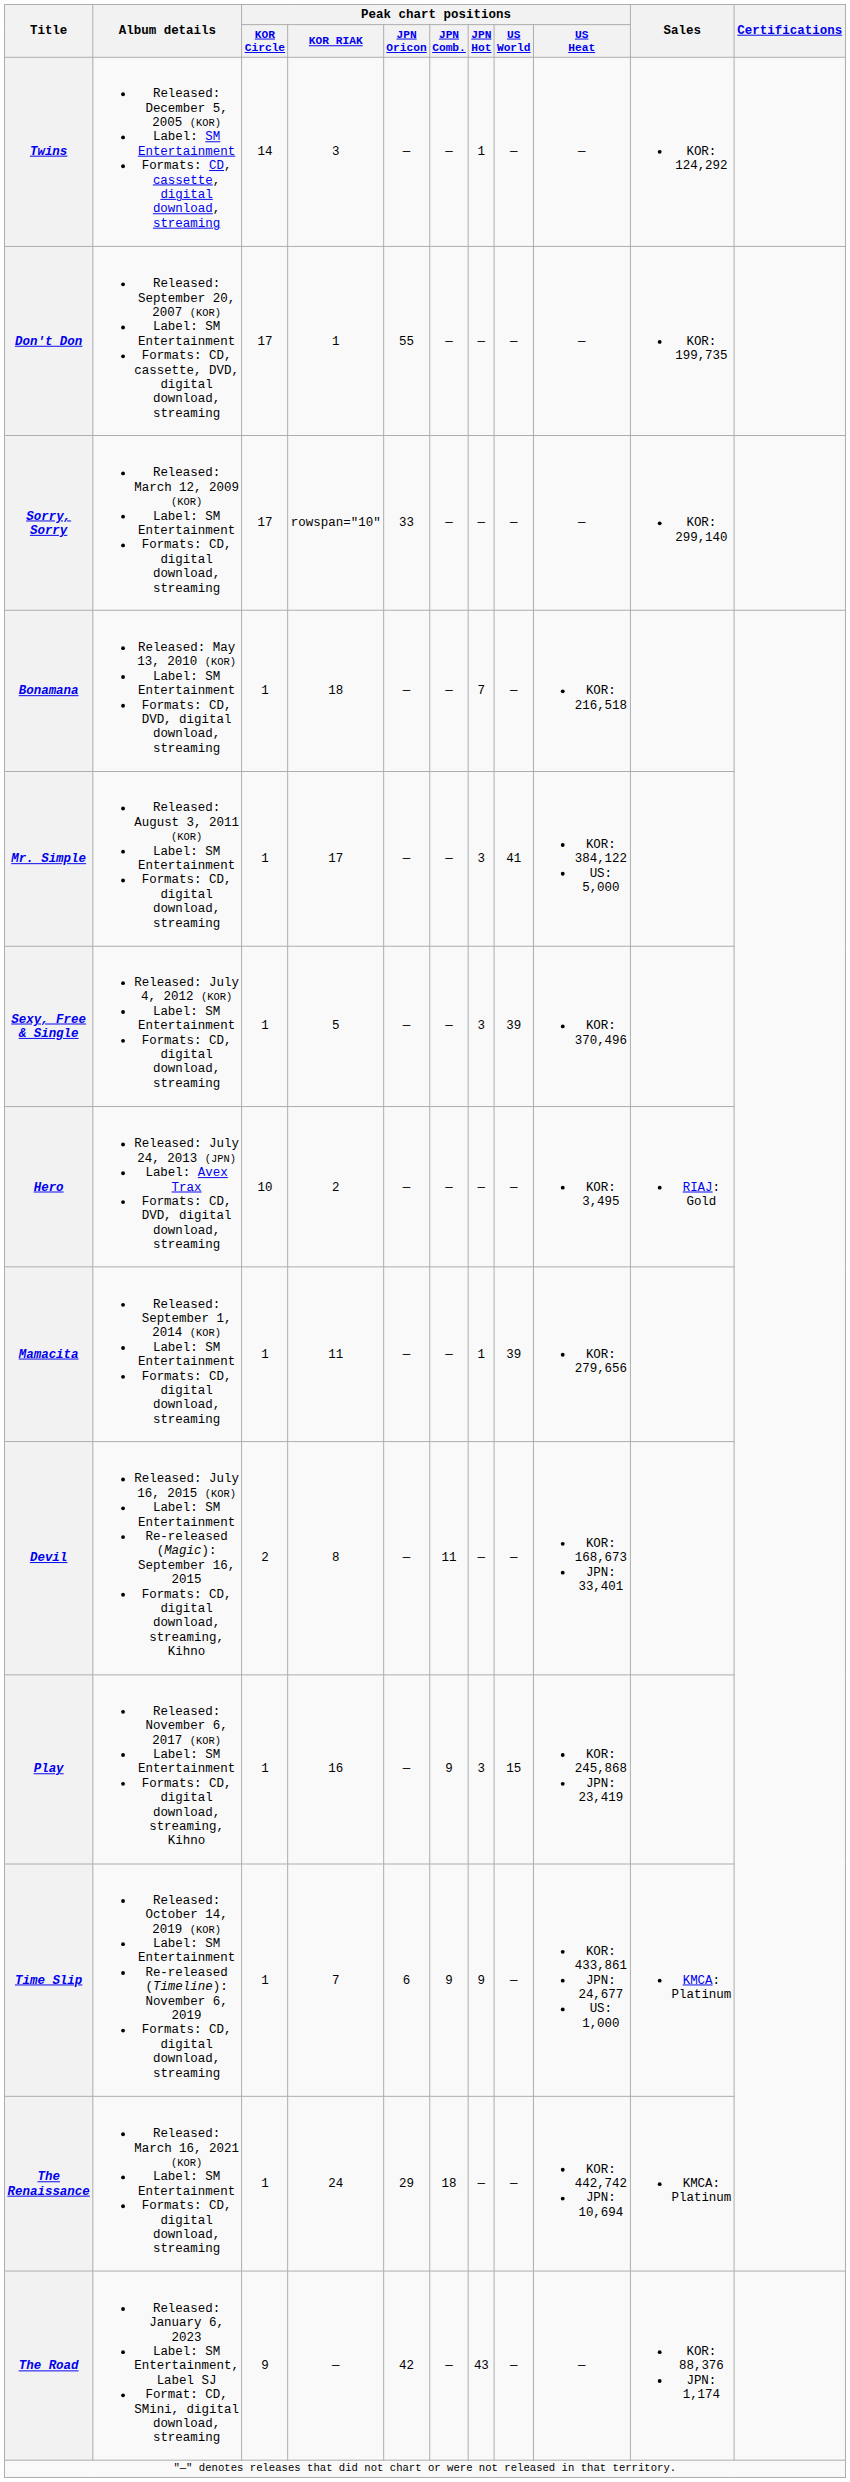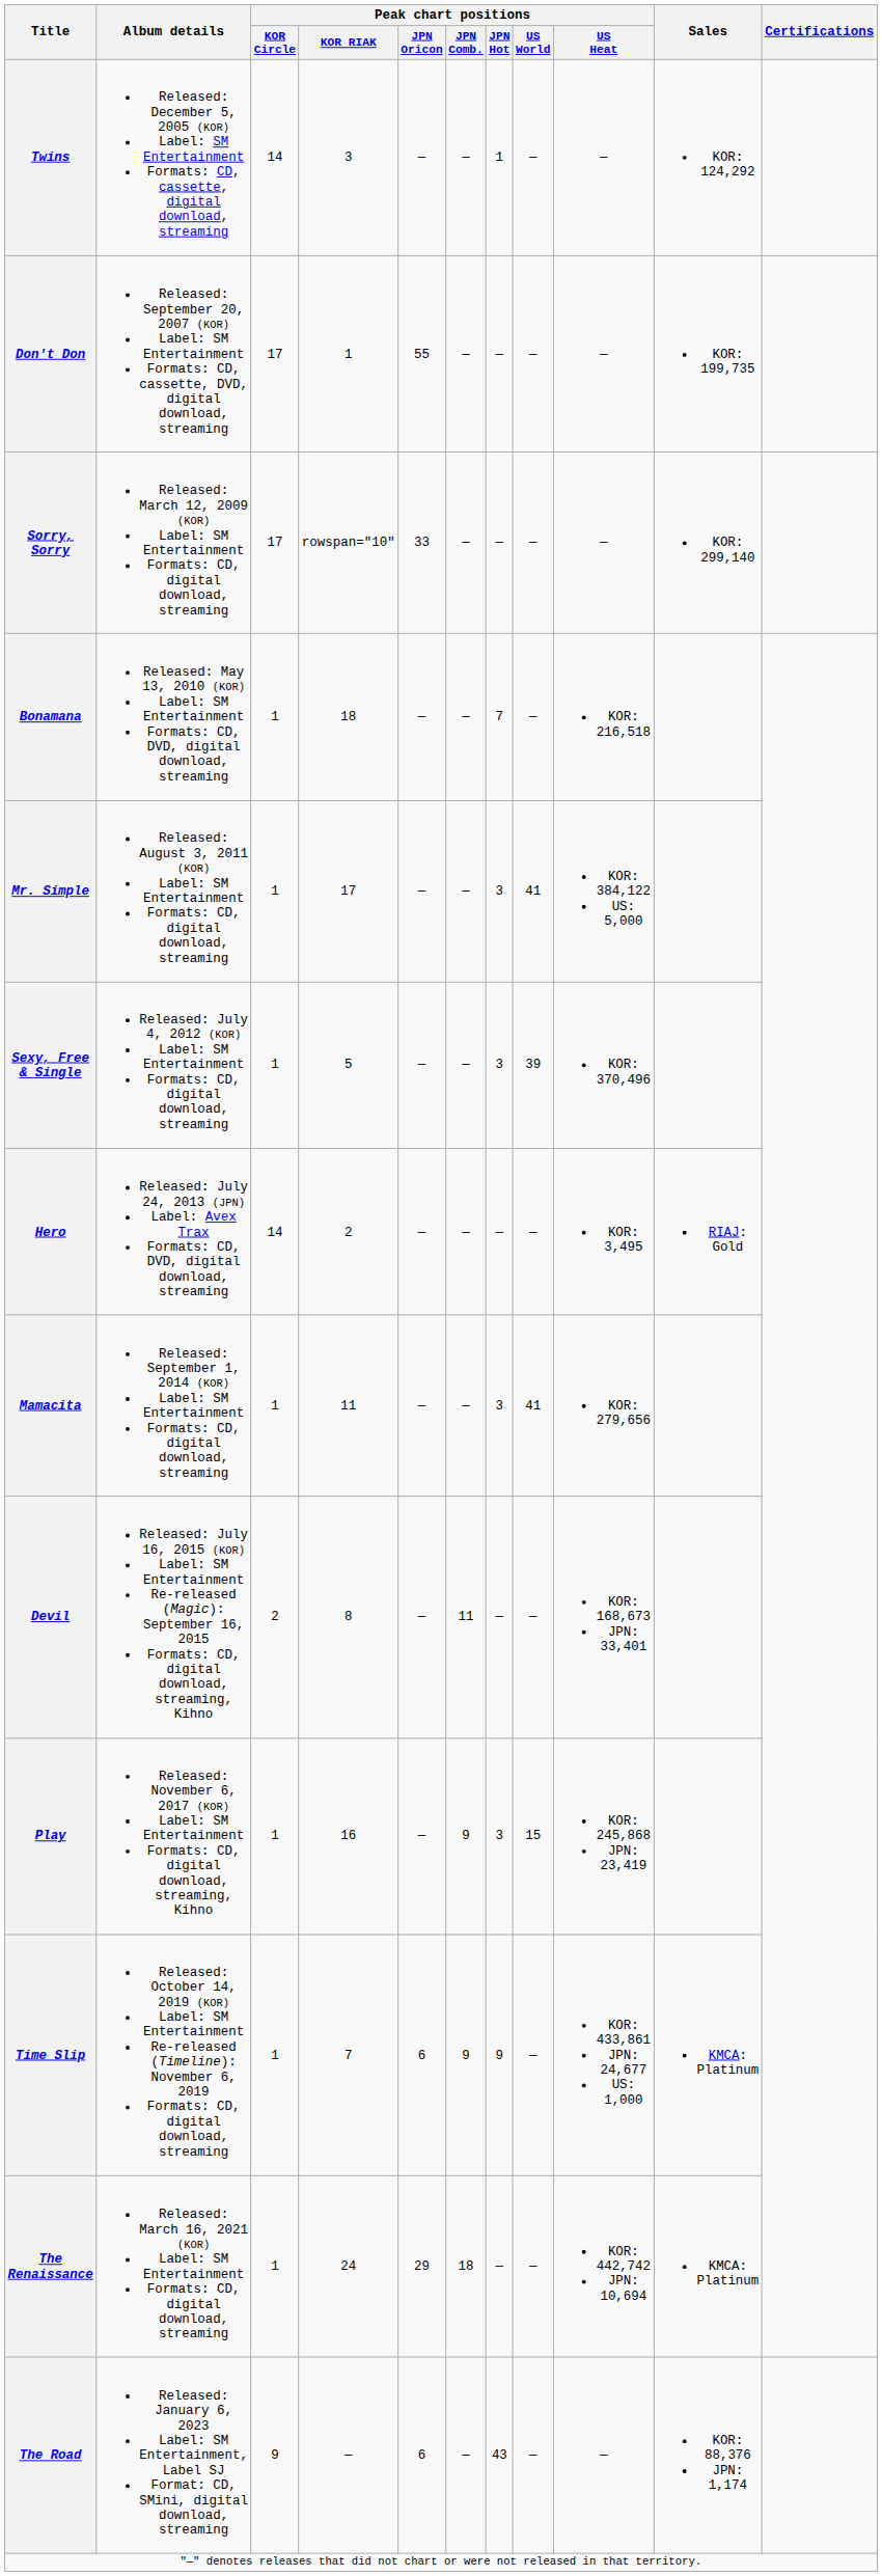 <table class="wikitable plainrowheaders" style="text-align:center;">
 <tr>
 <th scope="col" rowspan="2">Title</th>
 <th scope="col" rowspan="2" style="width:23em;">Album details</th>
 <th colspan="7" scope="col">Peak chart positions</th>
 <th scope="col" rowspan="2" style="width:11em;">Sales</th>
 <th scope="col" rowspan="2"><a href='#'>Certifications</a></th>
 </tr>
 <tr>
 <th scope="col" style="width:3em;font-size:90%;"><a href='#'>KOR Circle</a><br></th>
 <th scope="col" style="width:3em;font-size:90%;"><a href='#'>KOR RIAK</a><br></th>
 <th scope="col" style="width:3em;font-size:90%;"><a href='#'>JPN Oricon</a><br></th>
 <th scope="col" style="width:3em;font-size:90%;"><a href='#'>JPN Comb.</a><br></th>
 <th scope="col" style="width:3em;font-size:90%;"><a href='#'>JPN Hot</a><br></th>
 <th scope="col" style="width:3em;font-size:90%;"><a href='#'>US<br>World</a><br></th>
 <th scope="col" style="width:3em;font-size:90%;"><a href='#'>US<br>Heat</a><br></th>
 </tr>
 <tr>
 <th scope="row"><em><a href='#'>Twins</a></em></th>
 <td><br><ul><li>Released: December 5, 2005 <small>(KOR)</small></li><li>Label: <a href='#'>SM Entertainment</a></li><li>Formats: <a href='#'>CD</a>, <a href='#'>cassette</a>, <a href='#'>digital download</a>, <a href='#'>streaming</a></li></ul></td>
 <td>14</td>
 <td>3</td>
 <td>—</td>
 <td>—</td>
 <td>1</td>
 <td>—</td>
 <td>—</td>
 <td><br><ul><li>KOR: 124,292</li></ul></td>
 <td></td>
 </tr>
 <tr>
 <th scope="row"><em><a href='#'>Don't Don</a></em></th>
 <td><br><ul><li>Released: September 20, 2007 <small>(KOR)</small></li><li>Label: SM Entertainment</li><li>Formats: CD, cassette, DVD, digital download, streaming</li></ul></td>
 <td>17</td>
 <td>1</td>
 <td>55</td>
 <td>—</td>
 <td>—</td>
 <td>—</td>
 <td>—</td>
 <td><br><ul><li>KOR: 199,735</li></ul></td>
 <td></td>
 </tr>
 <tr>
 <th scope="row"><em><a href='#'>Sorry, Sorry</a></em></th>
 <td><br><ul><li>Released: March 12, 2009 <small>(KOR)</small></li><li>Label: SM Entertainment</li><li>Formats: CD, digital download, streaming</li></ul></td>
 <td>17</td>
 <td>rowspan="10" </td>
 <td>33</td>
 <td>—</td>
 <td>—</td>
 <td>—</td>
 <td>—</td>
 <td><br><ul><li>KOR: 299,140</li></ul></td>
 <td></td>
 </tr>
 <tr>
 <th scope="row"><em><a href='#'>Bonamana</a></em></th>
 <td><br><ul><li>Released: May 13, 2010 <small>(KOR)</small></li><li>Label: SM Entertainment</li><li>Formats: CD, DVD, digital download, streaming</li></ul></td>
 <td>1</td>
 <td>18</td>
 <td>—</td>
 <td>—</td>
 <td>7</td>
 <td>—</td>
 <td><br><ul><li>KOR: 216,518</li></ul></td>
 <td></td>
 </tr>
 <tr>
 <th scope="row"><em><a href='#'>Mr. Simple</a></em></th>
 <td><br><ul><li>Released: August 3, 2011 <small>(KOR)</small></li><li>Label: SM Entertainment</li><li>Formats: CD, digital download, streaming</li></ul></td>
 <td>1</td>
 <td>17</td>
 <td>—</td>
 <td>—</td>
 <td>3</td>
 <td>41</td>
 <td><br><ul><li>KOR: 384,122</li><li>US: 5,000</li></ul></td>
 <td></td>
 </tr>
 <tr>
 <th scope="row"><em><a href='#'>Sexy, Free & Single</a></em></th>
 <td><br><ul><li>Released: July 4, 2012 <small>(KOR)</small></li><li>Label: SM Entertainment</li><li>Formats: CD, digital download, streaming</li></ul></td>
 <td>1</td>
 <td>5</td>
 <td>—</td>
 <td>—</td>
 <td>3</td>
 <td>39</td>
 <td><br><ul><li>KOR: 370,496</li></ul></td>
 <td></td>
 </tr>
 <tr>
 <th scope="row"><em><a href='#'>Hero</a></em></th>
 <td><br><ul><li>Released: July 24, 2013 <small>(JPN)</small></li><li>Label: <a href='#'>Avex Trax</a></li><li>Formats: CD, DVD, digital download, streaming</li></ul></td>
-<td>10</td>
+<td>14</td>
 <td>2</td>
 <td>—</td>
 <td>—</td>
 <td>—</td>
 <td>—</td>
 <td><br><ul><li>KOR: 3,495</li></ul></td>
 <td><br><ul><li><a href='#'>RIAJ</a>: Gold</li></ul></td>
 </tr>
 <tr>
 <th scope="row"><em><a href='#'>Mamacita</a></em></th>
 <td><br><ul><li>Released: September 1, 2014 <small>(KOR)</small></li><li>Label: SM Entertainment</li><li>Formats: CD, digital download, streaming</li></ul></td>
 <td>1</td>
 <td>11</td>
 <td>—</td>
 <td>—</td>
-<td>1</td>
-<td>39</td>
+<td>3</td>
+<td>41</td>
 <td><br><ul><li>KOR: 279,656</li></ul></td>
 <td></td>
 </tr>
 <tr>
 <th scope="row"><em><a href='#'>Devil</a></em></th>
 <td><br><ul><li>Released: July 16, 2015 <small>(KOR)</small></li><li>Label: SM Entertainment</li><li>Re-released (<em>Magic</em>): September 16, 2015</li><li>Formats: CD, digital download, streaming, Kihno</li></ul></td>
 <td>2</td>
 <td>8</td>
 <td>—</td>
 <td>11</td>
 <td>—</td>
 <td>—</td>
 <td><br><ul><li>KOR: 168,673</li><li>JPN: 33,401</li></ul></td>
 <td></td>
 </tr>
 <tr>
 <th scope="row"><em><a href='#'>Play</a></em></th>
 <td><br><ul><li>Released: November 6, 2017 <small>(KOR)</small></li><li>Label: SM Entertainment</li><li>Formats: CD, digital download, streaming, Kihno</li></ul></td>
 <td>1</td>
 <td>16</td>
 <td>—</td>
 <td>9</td>
 <td>3</td>
 <td>15</td>
 <td><br><ul><li>KOR: 245,868</li><li>JPN: 23,419</li></ul></td>
 <td></td>
 </tr>
 <tr>
 <th scope="row"><em><a href='#'>Time Slip</a></em></th>
 <td><br><ul><li>Released: October 14, 2019 <small>(KOR)</small></li><li>Label: SM Entertainment</li><li>Re-released (<em>Timeline</em>): November 6, 2019</li><li>Formats: CD, digital download, streaming</li></ul></td>
 <td>1</td>
 <td>7</td>
 <td>6</td>
 <td>9</td>
 <td>9</td>
 <td>—</td>
 <td><br><ul><li>KOR: 433,861</li><li>JPN: 24,677</li><li>US: 1,000</li></ul></td>
 <td><br><ul><li><a href='#'>KMCA</a>: Platinum</li></ul></td>
 </tr>
 <tr>
 <th scope="row"><em><a href='#'>The Renaissance</a></em></th>
 <td><br><ul><li>Released: March 16, 2021 <small>(KOR)</small></li><li>Label: SM Entertainment</li><li>Formats: CD, digital download, streaming</li></ul></td>
 <td>1</td>
 <td>24</td>
 <td>29</td>
 <td>18</td>
 <td>—</td>
 <td>—</td>
 <td><br><ul><li>KOR: 442,742</li><li>JPN: 10,694</li></ul></td>
 <td><br><ul><li>KMCA: Platinum</li></ul></td>
 </tr>
 <tr>
 <th scope="row"><em><a href='#'>The Road</a></em></th>
 <td><br><ul><li>Released: January 6, 2023</li><li>Label: SM Entertainment, Label SJ</li><li>Format: CD, SMini, digital download, streaming</li></ul></td>
 <td>9</td>
 <td>—</td>
-<td>42</td>
+<td>6</td>
 <td>—</td>
 <td>43</td>
 <td>—</td>
 <td>—</td>
 <td><br><ul><li>KOR: 88,376</li><li>JPN: 1,174</li></ul></td>
 <td></td>
 </tr>
 <tr>
 <td colspan="11" style="text-align:center; font-size:85%;">"—" denotes releases that did not chart or were not released in that territory.</td>
 </tr>
 </table>
